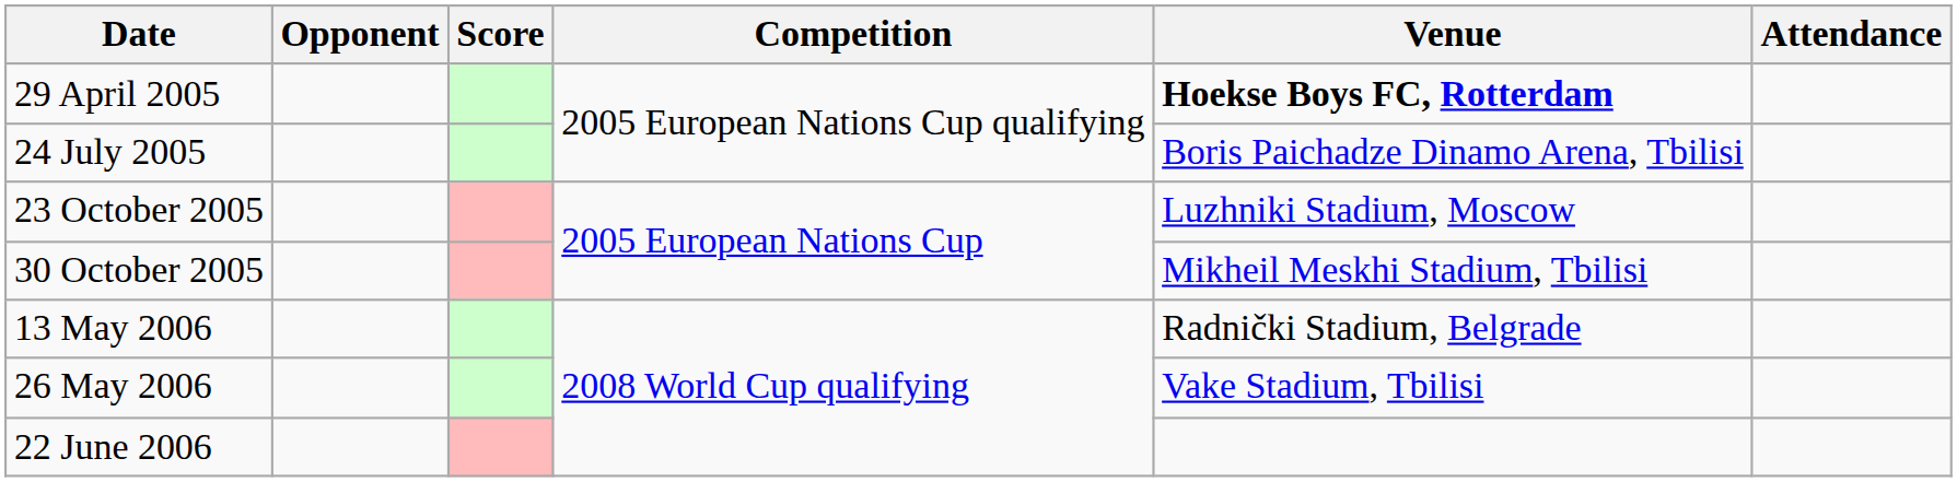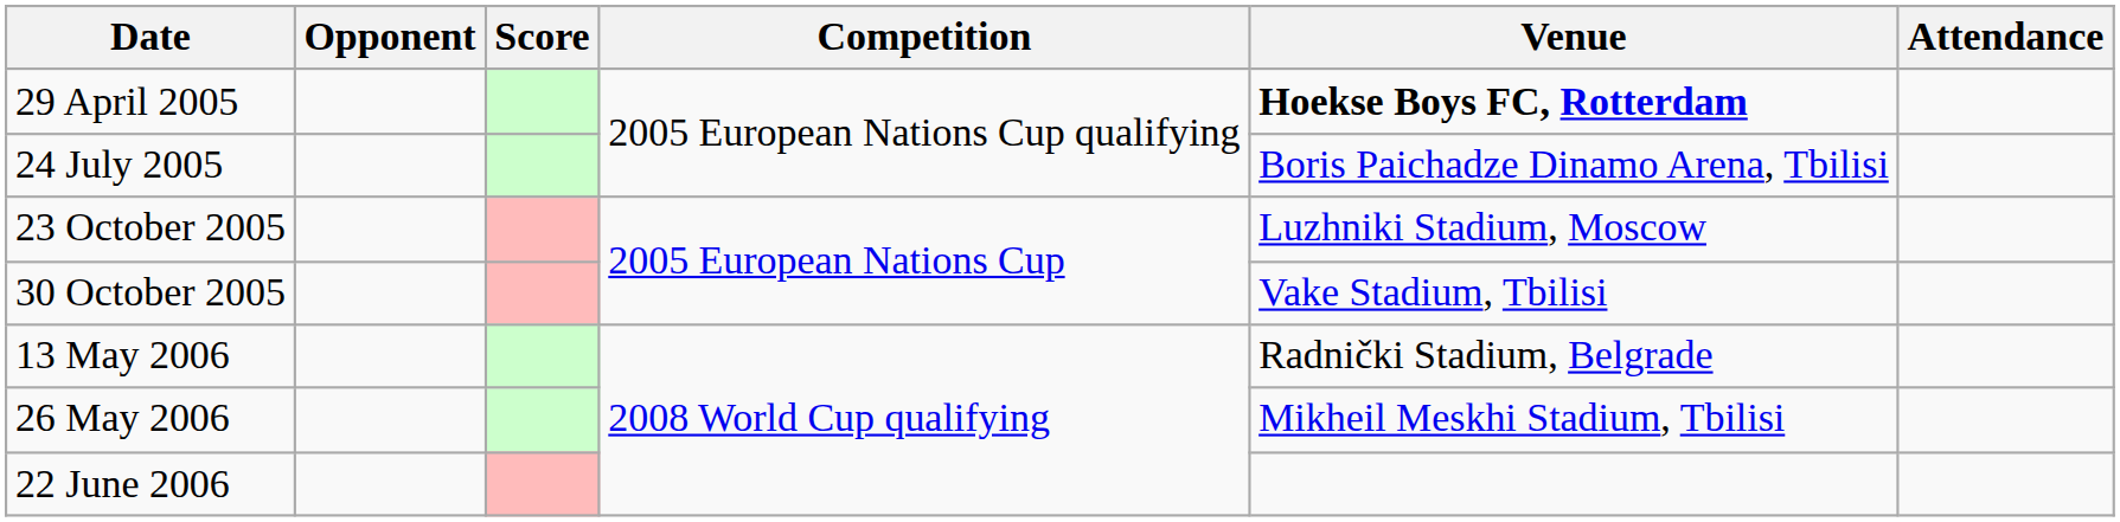 <table class="wikitable">
 <tr>
 <th>Date</th>
 <th>Opponent</th>
 <th>Score</th>
 <th>Competition</th>
 <th>Venue</th>
 <th>Attendance</th>
 </tr>
 <tr>
 <td>29 April 2005</td>
 <td></td>
 <td bgcolor="#CCFFCC"></td>
 <td rowspan=2>2005 European Nations Cup qualifying</td>
 <td><strong> Hoekse Boys FC, <a href='#'>Rotterdam</a></strong></td>
 <td></td>
 </tr>
 <tr>
 <td>24 July 2005</td>
 <td></td>
 <td bgcolor="#CCFFCC"></td>
 <td> <a href='#'>Boris Paichadze Dinamo Arena</a>, <a href='#'>Tbilisi</a></td>
 <td></td>
 </tr>
 <tr>
 <td>23 October 2005</td>
 <td></td>
 <td bgcolor="#FFBBBB"></td>
 <td rowspan=2><a href='#'>2005 European Nations Cup</a></td>
 <td> <a href='#'>Luzhniki Stadium</a>, <a href='#'>Moscow</a></td>
 <td></td>
 </tr>
 <tr>
 <td>30 October 2005</td>
 <td></td>
 <td bgcolor="#FFBBBB"></td>
-<td> <a href='#'>Mikheil Meskhi Stadium</a>, <a href='#'>Tbilisi</a></td>
+<td> <a href='#'>Vake Stadium</a>, <a href='#'>Tbilisi</a></td>
 <td></td>
 </tr>
 <tr>
 <td>13 May 2006</td>
 <td></td>
 <td bgcolor="#CCFFCC"></td>
 <td rowspan=3><a href='#'>2008 World Cup qualifying</a></td>
 <td> Radnički Stadium, <a href='#'>Belgrade</a></td>
 <td></td>
 </tr>
 <tr>
 <td>26 May 2006</td>
 <td></td>
 <td bgcolor="#CCFFCC"></td>
-<td> <a href='#'>Vake Stadium</a>, <a href='#'>Tbilisi</a></td>
+<td> <a href='#'>Mikheil Meskhi Stadium</a>, <a href='#'>Tbilisi</a></td>
 <td></td>
 </tr>
 <tr>
 <td>22 June 2006</td>
 <td></td>
 <td bgcolor="#FFBBBB"></td>
 <td></td>
 <td></td>
 </tr>
 </table>
